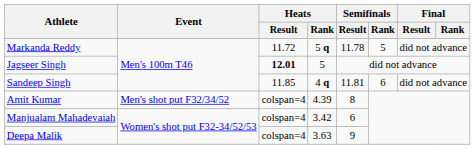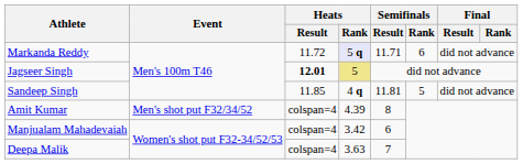 <table class=wikitable style="font-size:90%">
 <tr>
 <th rowspan="2">Athlete</th>
 <th rowspan="2">Event</th>
 <th colspan="2">Heats</th>
 <th colspan="2">Semifinals</th>
 <th colspan="2">Final</th>
 </tr>
 <tr style="font-size:95%">
 <th>Result</th>
 <th>Rank</th>
 <th>Result</th>
 <th>Rank</th>
 <th>Result</th>
 <th>Rank</th>
 </tr>
 <tr align=center>
 <td align=left><a href='#'>Markanda Reddy</a></td>
 <td align=left rowspan=3><a href='#'>Men's 100m T46</a></td>
 <td>11.72</td>
-<td>5 <strong>q</strong></td>
-<td>11.78</td>
-<td>5</td>
+<td style="background: lavender;">5 <strong>q</strong></td>
+<td>11.71</td>
+<td>6</td>
 <td colspan=2>did not advance</td>
 </tr>
 <tr align=center>
 <td align=left><a href='#'>Jagseer Singh</a></td>
 <td><strong>12.01</strong></td>
-<td>5</td>
+<td style="background: khaki;">5</td>
 <td colspan=4>did not advance</td>
 </tr>
 <tr align=center>
 <td align=left><a href='#'>Sandeep Singh</a></td>
 <td>11.85</td>
 <td>4 <strong>q</strong></td>
 <td>11.81</td>
-<td>6</td>
+<td>5</td>
 <td colspan=2>did not advance</td>
 </tr>
 <tr align=center>
 <td align=left><a href='#'>Amit Kumar</a></td>
 <td align=left><a href='#'>Men's shot put F32/34/52</a></td>
 <td>colspan=4 </td>
 <td>4.39</td>
 <td>8</td>
 </tr>
 <tr align=center>
 <td align=left><a href='#'>Manjualam Mahadevaiah</a></td>
 <td align=left rowspan=2><a href='#'>Women's shot put F32-34/52/53</a></td>
 <td>colspan=4 </td>
 <td>3.42</td>
 <td>6</td>
 </tr>
 <tr align=center>
 <td align=left><a href='#'>Deepa Malik</a></td>
 <td>colspan=4 </td>
 <td>3.63</td>
-<td>9</td>
+<td>7</td>
 </tr>
 </table>
